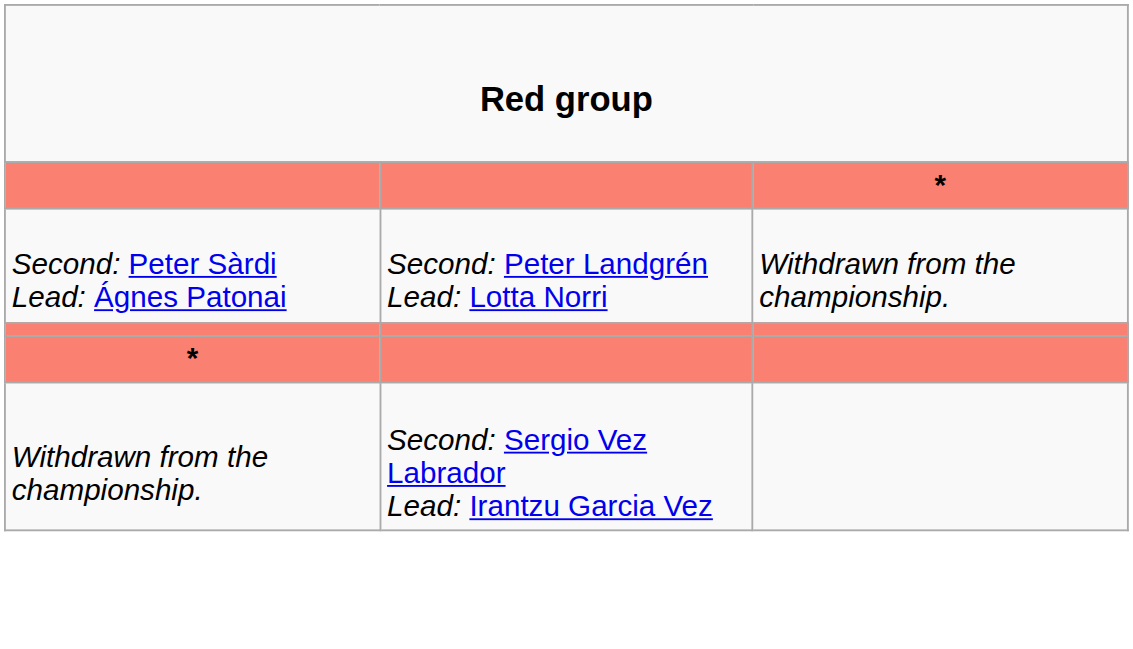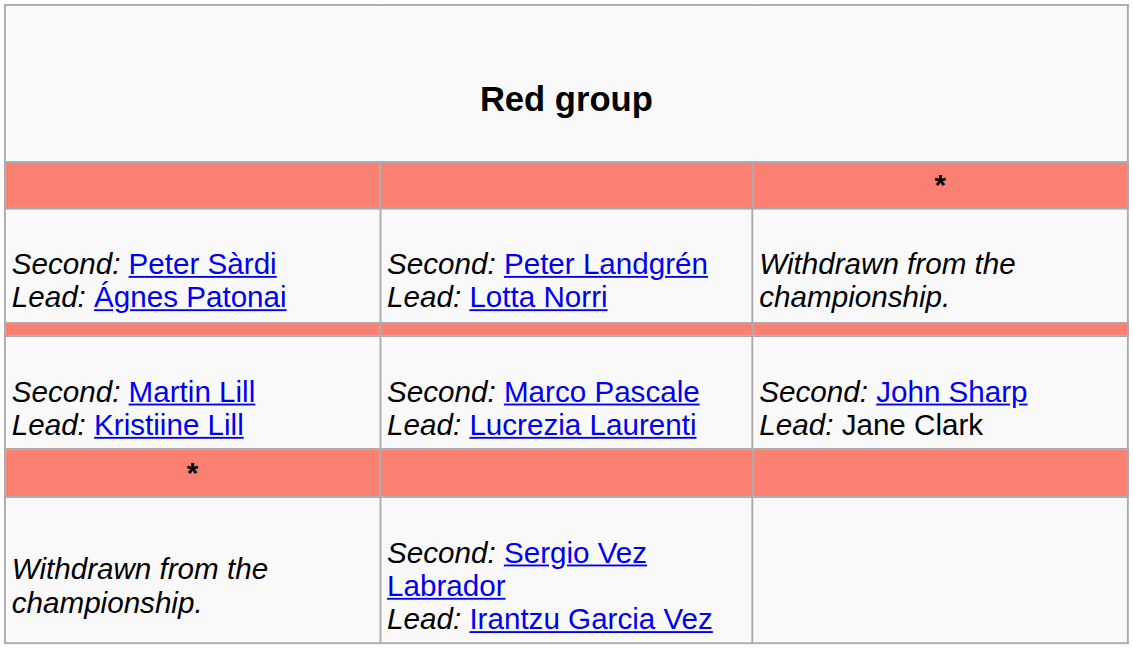 <table class="wikitable">
 <tr>
 <td align=center colspan="3"><br><h3>Red group</h3></td>
 </tr>
 <tr>
 <th style="background: #FA8072;" width="200"></th>
 <th style="background: #FA8072;" width="200"></th>
 <th style="background: #FA8072;" width="200">*</th>
 </tr>
 <tr>
 <td><br><em>Second:</em> <a href='#'>Peter Sàrdi</a><br> <em>Lead:</em> <a href='#'>Ágnes Patonai</a></td>
 <td><br><em>Second:</em> <a href='#'>Peter Landgrén</a><br> <em>Lead:</em> <a href='#'>Lotta Norri</a></td>
 <td><br><em>Withdrawn from the championship.</em></td>
 </tr>
 <tr>
 <th style="background: #FA8072;" width="200"></th>
 <th style="background: #FA8072;" width="200"></th>
 <th style="background: #FA8072;" width="200"></th>
 </tr>
 <tr>
+<td><br><em>Second:</em> <a href='#'>Martin Lill</a><br> <em>Lead:</em> <a href='#'>Kristiine Lill</a></td>
+<td><br><em>Second:</em> <a href='#'>Marco Pascale</a><br> <em>Lead:</em> <a href='#'>Lucrezia Laurenti</a></td>
+<td><br><em>Second:</em> <a href='#'>John Sharp</a><br> <em>Lead:</em> Jane Clark</td>
+</tr>
+<tr>
 <th style="background: #FA8072;" width="200">*</th>
 <th style="background: #FA8072;" width="200"></th>
 <th style="background: #FA8072;" width="200"></th>
 </tr>
 <tr>
 <td><br><em>Withdrawn from the championship.</em></td>
 <td><br><em>Second:</em> <a href='#'>Sergio Vez Labrador</a><br> <em>Lead:</em> <a href='#'>Irantzu Garcia Vez</a></td>
 <td></td>
 </tr>
 </table>
